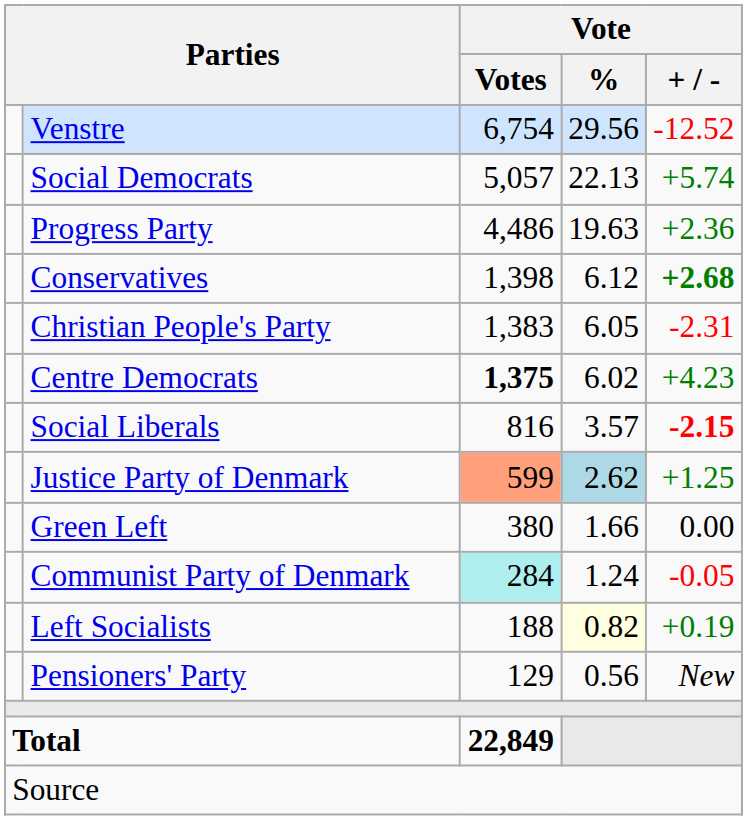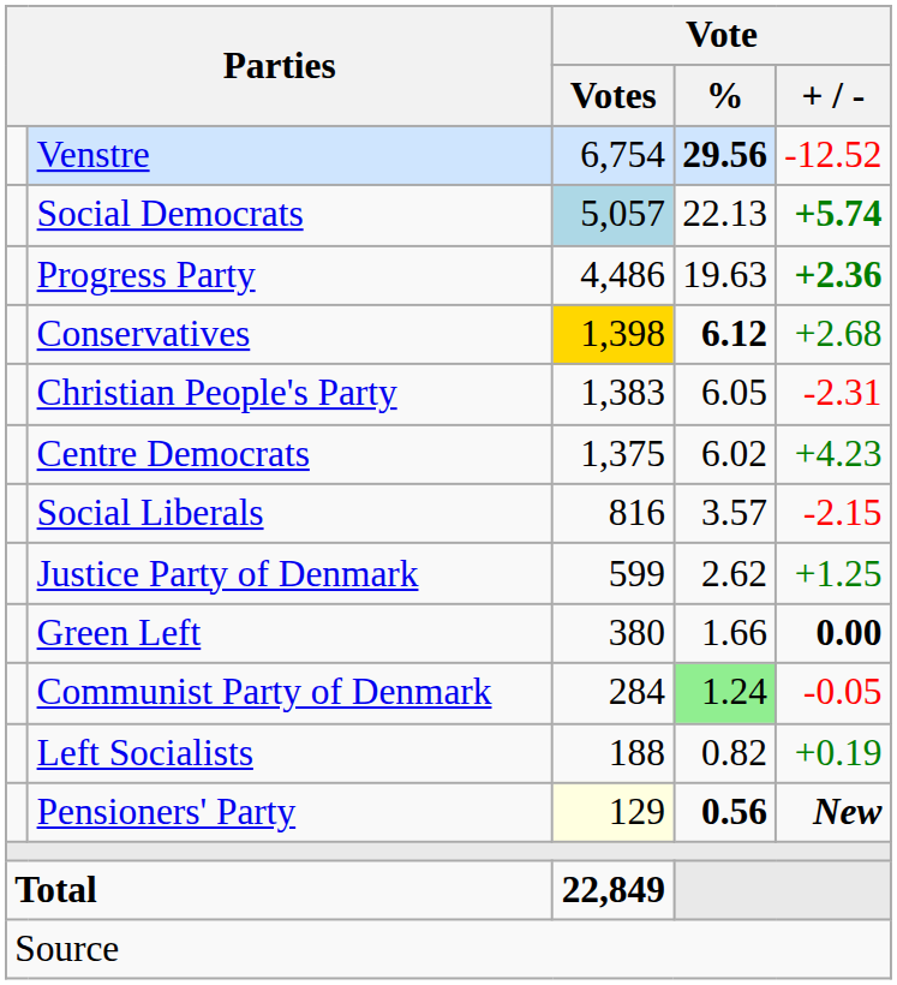 <table class="wikitable" style="text-align:right;">
 <tr>
 <th style="text-align:centre;" rowspan="2" colspan="2" width="225">Parties</th>
 <th colspan="3">Vote</th>
 </tr>
 <tr>
 <th width="15">Votes</th>
 <th width="15">%</th>
 <th width="15">+ / -</th>
 </tr>
 <tr>
 <td width="2" style="color:inherit;background:"></td>
 <td bgcolor=#cfe5fe  align="left"><a href='#'>Venstre</a></td>
 <td bgcolor=#cfe5fe>6,754</td>
-<td bgcolor=#cfe5fe>29.56</td>
+<td bgcolor=#cfe5fe><strong>29.56</strong></td>
 <td style=color:red;>-12.52</td>
 </tr>
 <tr>
 <td width="2" style="color:inherit;background:"></td>
 <td align="left"><a href='#'>Social Democrats</a></td>
-<td>5,057</td>
+<td style="background: lightblue;">5,057</td>
 <td>22.13</td>
-<td style=color:green;>+5.74</td>
+<td style=color:green;><strong>+5.74</strong></td>
 </tr>
 <tr>
 <td width="2" style="color:inherit;background:"></td>
 <td align="left"><a href='#'>Progress Party</a></td>
 <td>4,486</td>
 <td>19.63</td>
-<td style=color:green;>+2.36</td>
+<td style=color:green;><strong>+2.36</strong></td>
 </tr>
 <tr>
 <td width="2" style="color:inherit;background:"></td>
 <td align="left"><a href='#'>Conservatives</a></td>
-<td>1,398</td>
-<td>6.12</td>
-<td style=color:green;><strong>+2.68</strong></td>
+<td style="background: gold;">1,398</td>
+<td><strong>6.12</strong></td>
+<td style=color:green;>+2.68</td>
 </tr>
 <tr>
 <td width="2" style="color:inherit;background:"></td>
 <td align="left"><a href='#'>Christian People's Party</a></td>
 <td>1,383</td>
 <td>6.05</td>
 <td style=color:red;>-2.31</td>
 </tr>
 <tr>
 <td width="2" style="color:inherit;background:"></td>
 <td align="left"><a href='#'>Centre Democrats</a></td>
-<td><strong>1,375</strong></td>
+<td>1,375</td>
 <td>6.02</td>
 <td style=color:green;>+4.23</td>
 </tr>
 <tr>
 <td width="2" style="color:inherit;background:"></td>
 <td align="left"><a href='#'>Social Liberals</a></td>
 <td>816</td>
 <td>3.57</td>
-<td style=color:red;><strong>-2.15</strong></td>
+<td style=color:red;>-2.15</td>
 </tr>
 <tr>
 <td width="2" style="color:inherit;background:"></td>
 <td align="left"><a href='#'>Justice Party of Denmark</a></td>
-<td style="background: lightsalmon;">599</td>
-<td style="background: lightblue;">2.62</td>
+<td>599</td>
+<td>2.62</td>
 <td style=color:green;>+1.25</td>
 </tr>
 <tr>
 <td width="2" style="color:inherit;background:"></td>
 <td align="left"><a href='#'>Green Left</a></td>
 <td>380</td>
 <td>1.66</td>
-<td>0.00</td>
+<td><strong>0.00</strong></td>
 </tr>
 <tr>
 <td width="2" style="color:inherit;background:"></td>
 <td align="left"><a href='#'>Communist Party of Denmark</a></td>
-<td style="background: paleturquoise;">284</td>
-<td>1.24</td>
+<td>284</td>
+<td style="background: lightgreen;">1.24</td>
 <td style=color:red;>-0.05</td>
 </tr>
 <tr>
 <td width="2" style="color:inherit;background:"></td>
 <td align="left"><a href='#'>Left Socialists</a></td>
 <td>188</td>
-<td style="background: lightyellow;">0.82</td>
+<td>0.82</td>
 <td style=color:green;>+0.19</td>
 </tr>
 <tr>
 <td width="2" style="color:inherit;background:"></td>
 <td align="left"><a href='#'>Pensioners' Party</a></td>
-<td>129</td>
-<td>0.56</td>
-<td><em>New</em></td>
+<td style="background: lightyellow;">129</td>
+<td><strong>0.56</strong></td>
+<td><strong><em>New</em></strong></td>
 </tr>
 <tr>
 <td colspan="7" bgcolor="#E9E9E9"></td>
 </tr>
 <tr>
 <td align="left" colspan="2"><strong>Total</strong></td>
 <td><strong>22,849</strong></td>
 <td bgcolor="#E9E9E9" colspan="2"></td>
 </tr>
 <tr>
 <td align="left" colspan="6">Source</td>
 </tr>
 </table>
